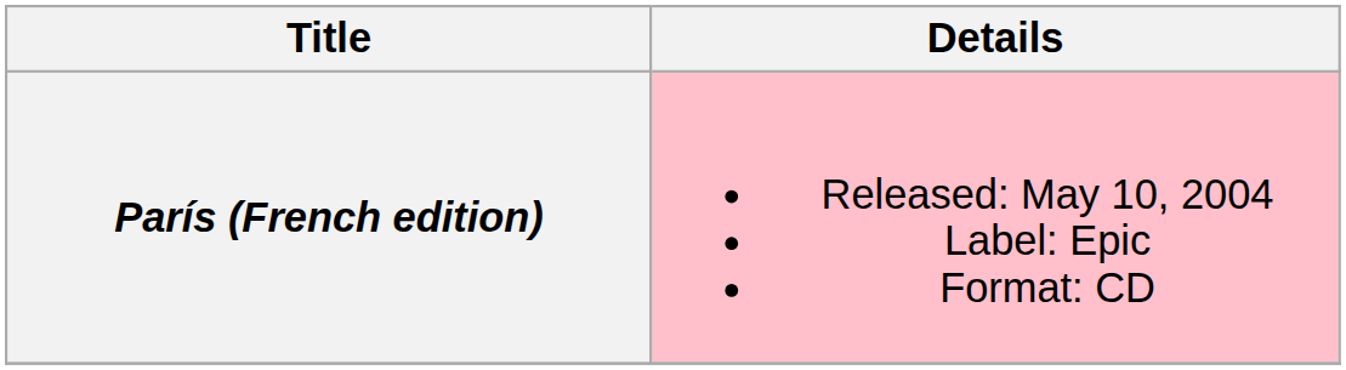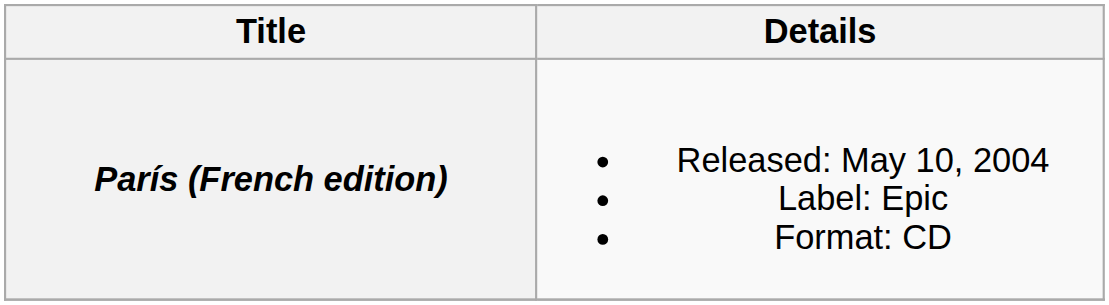 <table class="wikitable plainrowheaders" style="text-align:center;" border="1">
 <tr>
 <th scope="col" style="width:15em;">Title</th>
 <th scope="col" style="width:16em;">Details</th>
 </tr>
 <tr>
 <th scope="row"><em>París (French edition)</em></th>
-<td style="background: pink;"><br><ul><li>Released: May 10, 2004</li><li>Label: Epic</li><li>Format: CD</li></ul></td>
+<td><br><ul><li>Released: May 10, 2004</li><li>Label: Epic</li><li>Format: CD</li></ul></td>
 </tr>
 <tr>
 </tr>
 </table>
